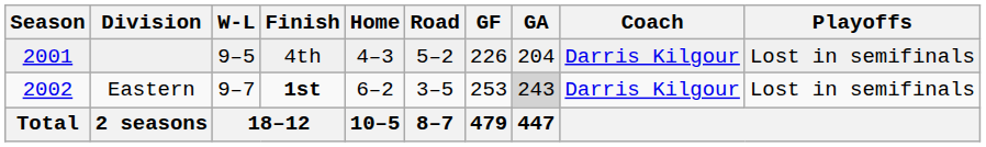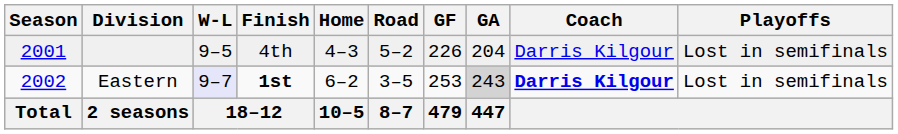 <table class="wikitable">
 <tr>
 <th>Season</th>
 <th>Division</th>
 <th>W-L</th>
 <th>Finish</th>
 <th>Home</th>
 <th>Road</th>
 <th>GF</th>
 <th>GA</th>
 <th>Coach</th>
 <th>Playoffs</th>
 </tr>
 <tr ALIGN=center bgcolor="#f0f0f0">
 <td><a href='#'>2001</a></td>
 <td></td>
 <td>9–5</td>
 <td>4th</td>
 <td>4–3</td>
 <td>5–2</td>
 <td>226</td>
 <td>204</td>
 <td><a href='#'>Darris Kilgour</a></td>
 <td>Lost in semifinals</td>
 </tr>
 <tr ALIGN=center>
 <td><a href='#'>2002</a></td>
 <td>Eastern</td>
-<td>9–7</td>
+<td style="background: lavender;">9–7</td>
 <td><strong>1st</strong></td>
 <td>6–2</td>
 <td>3–5</td>
 <td>253</td>
 <td style="background: lightgrey;">243</td>
-<td><a href='#'>Darris Kilgour</a></td>
+<td><strong><a href='#'>Darris Kilgour</a></strong></td>
 <td>Lost in semifinals</td>
 </tr>
 <tr ALIGN=center bgcolor="#e0e0e0">
 <th>Total</th>
 <th>2 seasons</th>
 <th colspan="2">18–12</th>
 <th>10–5</th>
 <th>8–7</th>
 <th>479</th>
 <th>447</th>
 <th colspan="2"></th>
 </tr>
 </table>
